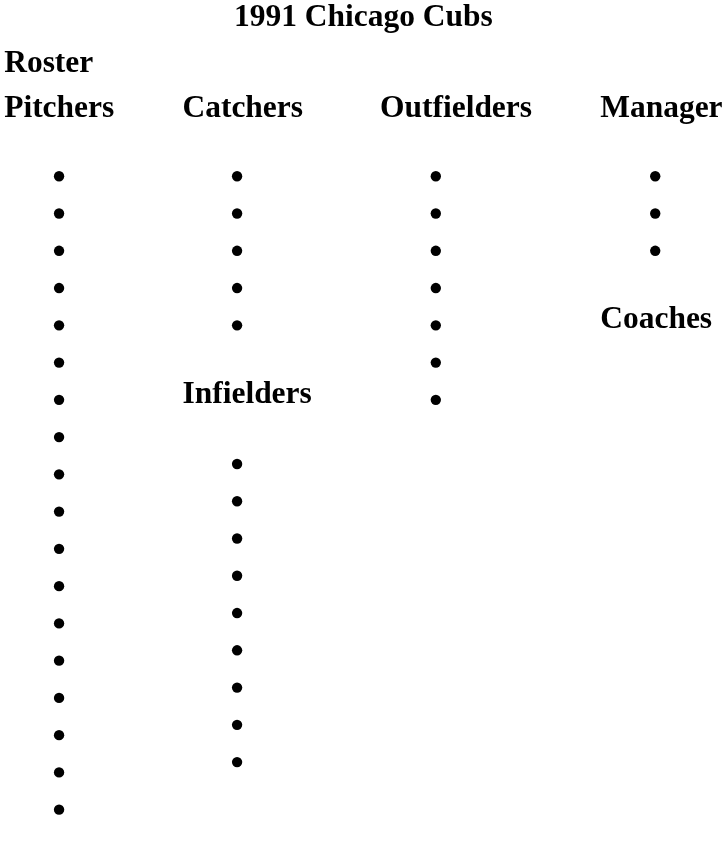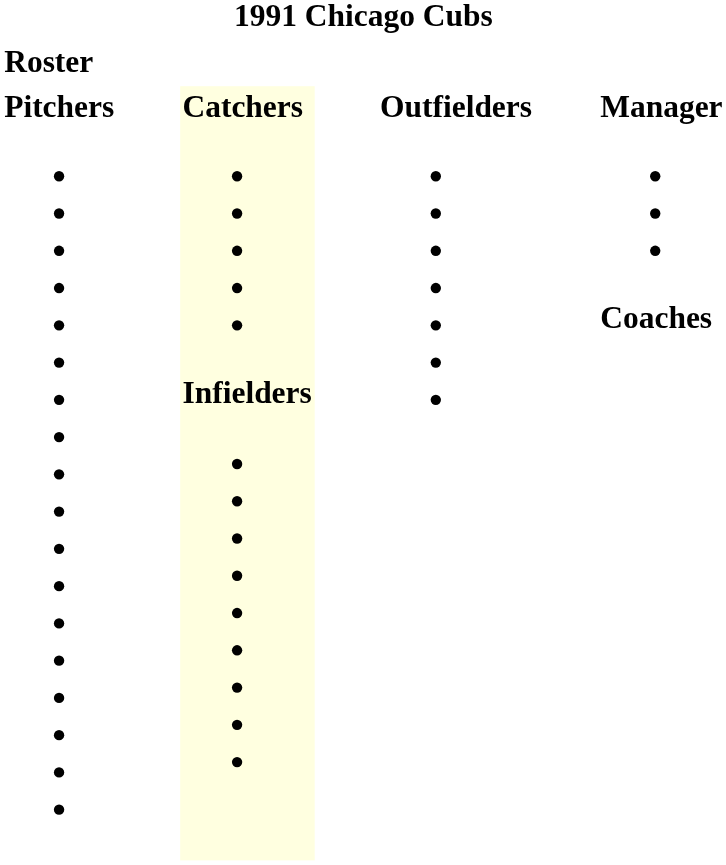 <table class="toccolours" style="font-size: 95%;">
 <tr>
 <th colspan="10">1991 Chicago Cubs</th>
 </tr>
 <tr>
 <td colspan="10"><strong>Roster</strong></td>
 </tr>
 <tr>
 <td valign="top"><strong>Pitchers</strong><br><ul><li></li><li></li><li></li><li></li><li></li><li></li><li></li><li></li><li></li><li></li><li></li><li></li><li></li><li></li><li></li><li></li><li></li><li></li></ul></td>
 <td width="25px"></td>
-<td valign="top"><strong>Catchers</strong><br><ul><li></li><li></li><li></li><li></li><li></li></ul><strong>Infielders</strong><ul><li></li><li></li><li></li><li></li><li></li><li></li><li></li><li></li><li></li></ul></td>
+<td valign="top" style="background: lightyellow;"><strong>Catchers</strong><br><ul><li></li><li></li><li></li><li></li><li></li></ul><strong>Infielders</strong><ul><li></li><li></li><li></li><li></li><li></li><li></li><li></li><li></li><li></li></ul></td>
 <td width="25px"></td>
 <td valign="top"><strong>Outfielders</strong><br><ul><li></li><li></li><li></li><li></li><li></li><li></li><li></li></ul></td>
 <td width="25px"></td>
 <td valign="top"><strong>Manager</strong><br><ul><li></li><li></li><li></li></ul><strong>Coaches</strong>     </td>
 </tr>
 <tr>
 </tr>
 </table>
